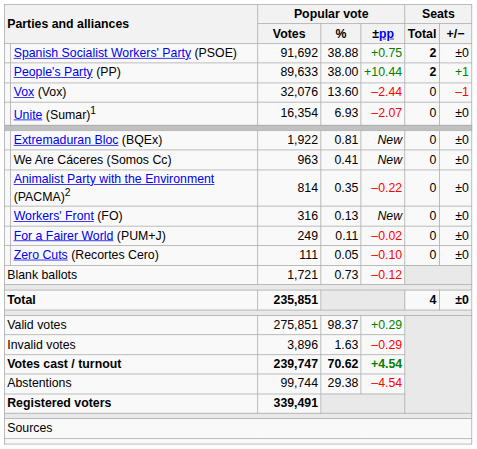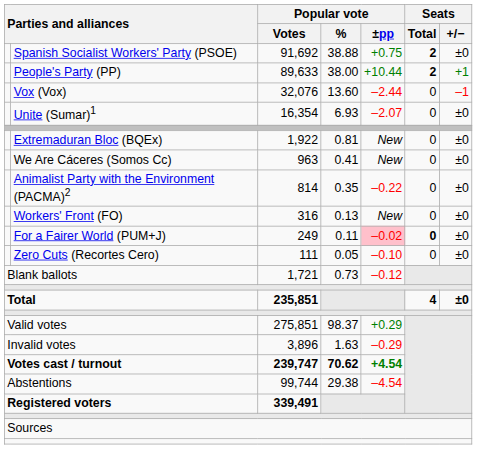 <table class="wikitable" style="text-align:right;">
 <tr>
 <th style="text-align:left;" rowspan="2" colspan="2" width="525">Parties and alliances</th>
 <th colspan="3">Popular vote</th>
 <th colspan="2">Seats</th>
 </tr>
 <tr>
 <th width="75">Votes</th>
 <th width="45">%</th>
 <th width="45">±<a href='#'>pp</a></th>
 <th width="35">Total</th>
 <th width="35">+/−</th>
 </tr>
 <tr>
 <td width="1" style="color:inherit;background:"></td>
 <td align="left"><a href='#'>Spanish Socialist Workers' Party</a> (PSOE)</td>
 <td>91,692</td>
 <td>38.88</td>
 <td style="color:green;">+0.75</td>
 <td><strong>2</strong></td>
 <td>±0</td>
 </tr>
 <tr>
 <td width="1" style="color:inherit;background:"></td>
 <td align="left"><a href='#'>People's Party</a> (PP)</td>
 <td>89,633</td>
 <td>38.00</td>
 <td style="color:green;">+10.44</td>
 <td><strong>2</strong></td>
 <td style="color:green;">+1</td>
 </tr>
 <tr>
 <td style="color:inherit;background:"></td>
 <td align="left"><a href='#'>Vox</a> (Vox)</td>
 <td>32,076</td>
 <td>13.60</td>
 <td style="color:red;">–2.44</td>
 <td>0</td>
 <td style="color:red;">–1</td>
 </tr>
 <tr>
 <td style="color:inherit;background:"></td>
 <td align="left"><a href='#'>Unite</a> (Sumar)<sup>1</sup></td>
 <td>16,354</td>
 <td>6.93</td>
 <td style="color:red;">–2.07</td>
 <td>0</td>
 <td>±0</td>
 </tr>
 <tr>
 <td colspan="7" bgcolor="#C0C0C0"></td>
 </tr>
 <tr>
 <td style="color:inherit;background:"></td>
 <td align="left"><a href='#'>Extremaduran Bloc</a> (BQEx)</td>
 <td>1,922</td>
 <td>0.81</td>
 <td><em>New</em></td>
 <td>0</td>
 <td>±0</td>
 </tr>
 <tr>
 <td style="color:inherit;background:"></td>
 <td align="left">We Are Cáceres (Somos Cc)</td>
 <td>963</td>
 <td>0.41</td>
 <td><em>New</em></td>
 <td>0</td>
 <td>±0</td>
 </tr>
 <tr>
 <td style="color:inherit;background:"></td>
 <td align="left"><a href='#'>Animalist Party with the Environment</a> (PACMA)<sup>2</sup></td>
 <td>814</td>
 <td>0.35</td>
 <td style="color:red;">–0.22</td>
 <td>0</td>
 <td>±0</td>
 </tr>
 <tr>
 <td style="color:inherit;background:"></td>
 <td align="left"><a href='#'>Workers' Front</a> (FO)</td>
 <td>316</td>
 <td>0.13</td>
 <td><em>New</em></td>
 <td>0</td>
 <td>±0</td>
 </tr>
 <tr>
 <td style="color:inherit;background:"></td>
 <td align="left"><a href='#'>For a Fairer World</a> (PUM+J)</td>
 <td>249</td>
 <td>0.11</td>
-<td style="color:red;">–0.02</td>
-<td>0</td>
+<td style="background: pink; color:red;">–0.02</td>
+<td><strong>0</strong></td>
 <td>±0</td>
 </tr>
 <tr>
 <td style="color:inherit;background:"></td>
 <td align="left"><a href='#'>Zero Cuts</a> (Recortes Cero)</td>
 <td>111</td>
 <td>0.05</td>
 <td style="color:red;">–0.10</td>
 <td>0</td>
 <td>±0</td>
 </tr>
 <tr>
 <td align="left" colspan="2">Blank ballots</td>
 <td>1,721</td>
 <td>0.73</td>
 <td style="color:red;">–0.12</td>
 <td bgcolor="#E9E9E9" colspan="2"></td>
 </tr>
 <tr>
 <td colspan="7" bgcolor="#E9E9E9"></td>
 </tr>
 <tr style="font-weight:bold;">
 <td align="left" colspan="2">Total</td>
 <td>235,851</td>
 <td bgcolor="#E9E9E9" colspan="2"></td>
 <td>4</td>
 <td>±0</td>
 </tr>
 <tr>
 <td colspan="7" bgcolor="#E9E9E9"></td>
 </tr>
 <tr>
 <td align="left" colspan="2">Valid votes</td>
 <td>275,851</td>
 <td>98.37</td>
 <td style="color:green;">+0.29</td>
 <td bgcolor="#E9E9E9" colspan="2" rowspan="5"></td>
 </tr>
 <tr>
 <td align="left" colspan="2">Invalid votes</td>
 <td>3,896</td>
 <td>1.63</td>
 <td style="color:red;">–0.29</td>
 </tr>
 <tr style="font-weight:bold;">
 <td align="left" colspan="2">Votes cast / turnout</td>
 <td>239,747</td>
 <td>70.62</td>
 <td style="color:green;">+4.54</td>
 </tr>
 <tr>
 <td align="left" colspan="2">Abstentions</td>
 <td>99,744</td>
 <td>29.38</td>
 <td style="color:red;">–4.54</td>
 </tr>
 <tr style="font-weight:bold;">
 <td align="left" colspan="2">Registered voters</td>
 <td>339,491</td>
 <td bgcolor="#E9E9E9" colspan="2"></td>
 </tr>
 <tr>
 <td colspan="7" bgcolor="#E9E9E9"></td>
 </tr>
 <tr>
 <td align="left" colspan="7">Sources</td>
 </tr>
 <tr>
 <td colspan="7" style="text-align:left; max-width:790px;"></td>
 </tr>
 </table>
